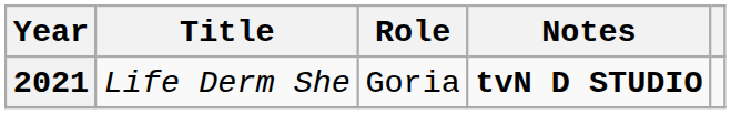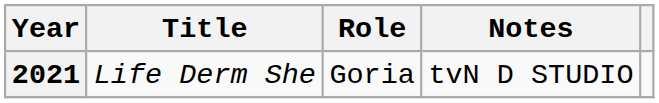 <table class="wikitable sortable plainrowheaders">
 <tr>
 <th scope="col">Year</th>
 <th scope="col">Title</th>
 <th scope="col">Role</th>
 <th scope="col">Notes</th>
 <th scope="col" class="unsortable"></th>
 </tr>
 <tr>
 <th scope="row">2021</th>
 <td><em>Life Derm She</em></td>
 <td>Goria</td>
-<td><strong>tvN D STUDIO</strong></td>
+<td>tvN D STUDIO</td>
 <td></td>
 </tr>
 <tr>
 </tr>
 </table>
